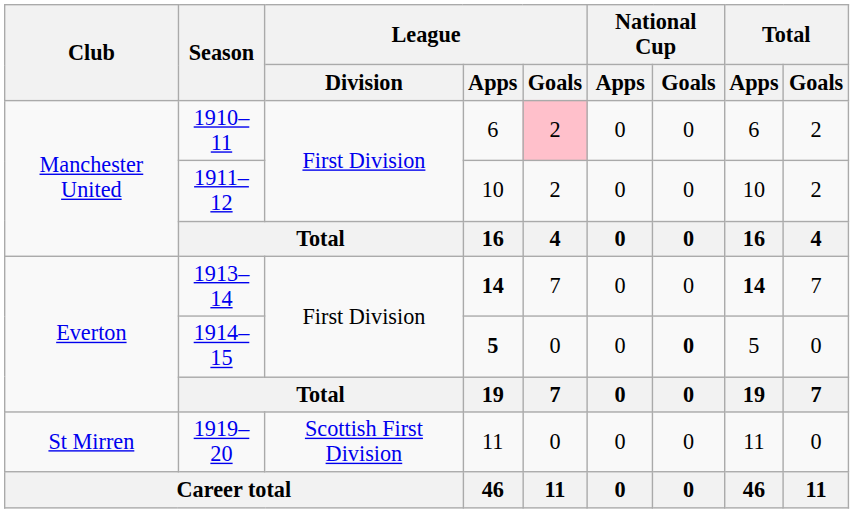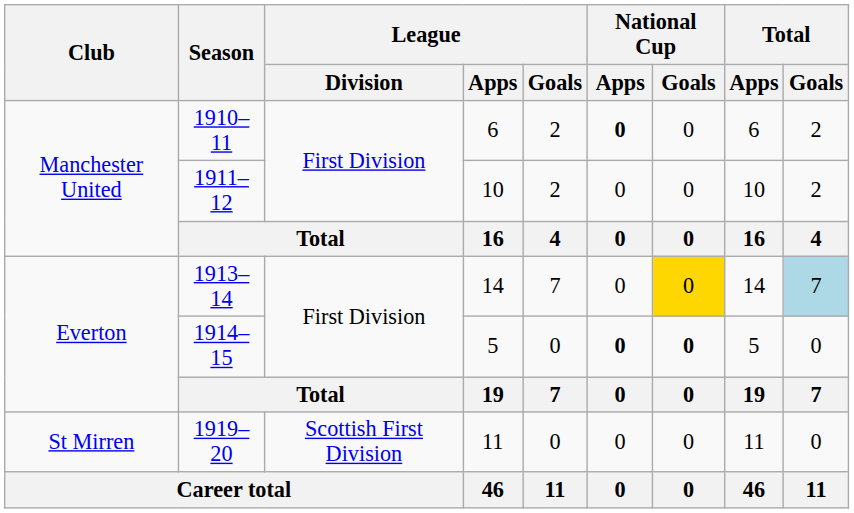 <table class="wikitable" style="text-align: center">
 <tr>
 <th rowspan="2">Club</th>
 <th rowspan="2">Season</th>
 <th colspan="3">League</th>
 <th colspan="2">National Cup</th>
 <th colspan="2">Total</th>
 </tr>
 <tr>
 <th>Division</th>
 <th>Apps</th>
 <th>Goals</th>
 <th>Apps</th>
 <th>Goals</th>
 <th>Apps</th>
 <th>Goals</th>
 </tr>
 <tr>
 <td rowspan="3"><a href='#'>Manchester United</a></td>
 <td><a href='#'>1910–11</a></td>
 <td rowspan="2"><a href='#'>First Division</a></td>
 <td>6</td>
-<td style="background: pink;">2</td>
-<td>0</td>
+<td>2</td>
+<td><strong>0</strong></td>
 <td>0</td>
 <td>6</td>
 <td>2</td>
 </tr>
 <tr>
 <td><a href='#'>1911–12</a></td>
 <td>10</td>
 <td>2</td>
 <td>0</td>
 <td>0</td>
 <td>10</td>
 <td>2</td>
 </tr>
 <tr>
 <th colspan="2">Total</th>
 <th>16</th>
 <th>4</th>
 <th>0</th>
 <th>0</th>
 <th>16</th>
 <th>4</th>
 </tr>
 <tr>
 <td rowspan="3"><a href='#'>Everton</a></td>
 <td><a href='#'>1913–14</a></td>
 <td rowspan="2">First Division</td>
-<td><strong>14</strong></td>
+<td>14</td>
 <td>7</td>
 <td>0</td>
-<td>0</td>
-<td><strong>14</strong></td>
-<td>7</td>
+<td style="background: gold;">0</td>
+<td>14</td>
+<td style="background: lightblue;">7</td>
 </tr>
 <tr>
 <td><a href='#'>1914–15</a></td>
-<td><strong>5</strong></td>
+<td>5</td>
 <td>0</td>
-<td>0</td>
+<td><strong>0</strong></td>
 <td><strong>0</strong></td>
 <td>5</td>
 <td>0</td>
 </tr>
 <tr>
 <th colspan="2">Total</th>
 <th>19</th>
 <th>7</th>
 <th>0</th>
 <th>0</th>
 <th>19</th>
 <th>7</th>
 </tr>
 <tr>
 <td><a href='#'>St Mirren</a></td>
 <td><a href='#'>1919–20</a></td>
 <td><a href='#'>Scottish First Division</a></td>
 <td>11</td>
 <td>0</td>
 <td>0</td>
 <td>0</td>
 <td>11</td>
 <td>0</td>
 </tr>
 <tr>
 <th colspan="3">Career total</th>
 <th>46</th>
 <th>11</th>
 <th>0</th>
 <th>0</th>
 <th>46</th>
 <th>11</th>
 </tr>
 </table>
